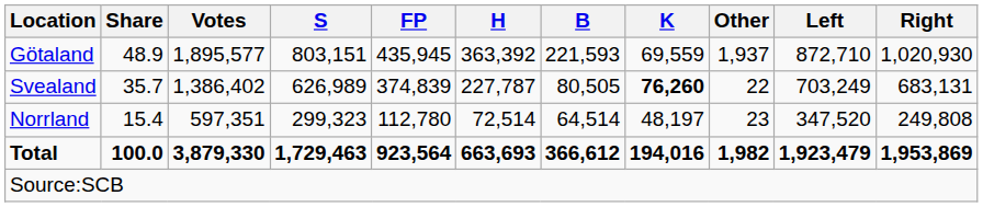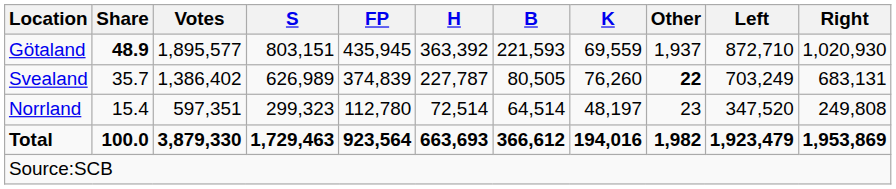 <table class="wikitable sortable" style=text-align:right>
 <tr>
 <th>Location</th>
 <th>Share</th>
 <th>Votes</th>
 <th><a href='#'>S</a></th>
 <th><a href='#'>FP</a></th>
 <th><a href='#'>H</a></th>
 <th><a href='#'>B</a></th>
 <th><a href='#'>K</a></th>
 <th>Other</th>
 <th>Left</th>
 <th>Right</th>
 </tr>
 <tr>
 <td align=left><a href='#'>Götaland</a></td>
-<td>48.9</td>
+<td><strong>48.9</strong></td>
 <td>1,895,577</td>
 <td>803,151</td>
 <td>435,945</td>
 <td>363,392</td>
 <td>221,593</td>
 <td>69,559</td>
 <td>1,937</td>
 <td>872,710</td>
 <td>1,020,930</td>
 </tr>
 <tr>
 <td align=left><a href='#'>Svealand</a></td>
 <td>35.7</td>
 <td>1,386,402</td>
 <td>626,989</td>
 <td>374,839</td>
 <td>227,787</td>
 <td>80,505</td>
-<td><strong>76,260</strong></td>
-<td>22</td>
+<td>76,260</td>
+<td><strong>22</strong></td>
 <td>703,249</td>
 <td>683,131</td>
 </tr>
 <tr>
 <td align=left><a href='#'>Norrland</a></td>
 <td>15.4</td>
 <td>597,351</td>
 <td>299,323</td>
 <td>112,780</td>
 <td>72,514</td>
 <td>64,514</td>
 <td>48,197</td>
 <td>23</td>
 <td>347,520</td>
 <td>249,808</td>
 </tr>
 <tr>
 <td align=left><strong>Total</strong></td>
 <td><strong>100.0</strong></td>
 <td><strong>3,879,330</strong></td>
 <td><strong>1,729,463</strong></td>
 <td><strong>923,564</strong></td>
 <td><strong>663,693</strong></td>
 <td><strong>366,612</strong></td>
 <td><strong>194,016</strong></td>
 <td><strong>1,982</strong></td>
 <td><strong>1,923,479</strong></td>
 <td><strong>1,953,869</strong></td>
 </tr>
 <tr>
 <td align=left colspan=11>Source:SCB </td>
 </tr>
 </table>
